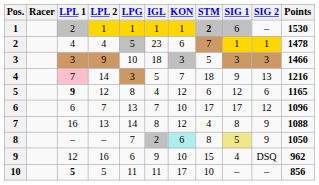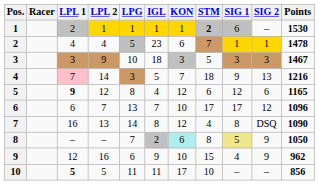 <table class="wikitable sortable plainrowheaders" style="text-align:center;">
 <tr>
 <th scope="col">Pos.</th>
 <th scope="col">Racer</th>
 <th scope="col"> <a href='#'>LPL</a> 1</th>
 <th scope="col"> <a href='#'>LPL</a> 2</th>
 <th scope="col"> <a href='#'>LPG</a></th>
 <th scope="col"> <a href='#'>IGL</a></th>
 <th scope="col"> <a href='#'>KON</a></th>
 <th scope="col"> <a href='#'>STM</a></th>
 <th scope="col"> <a href='#'>SIG 1</a></th>
 <th scope="col"> <a href='#'>SIG 2</a></th>
 <th style="width:45px;">Points</th>
 </tr>
 <tr>
 <th style="text-align:center;">1</th>
 <td align="left"></td>
 <td style="background:silver;">2</td>
 <td style="background:gold;">1</td>
 <td style="background:gold;">1</td>
 <td style="background:gold;">1</td>
 <td style="background:gold;">1</td>
 <td style="background:silver;"><strong>2</strong></td>
 <td style="background:silver;">6</td>
 <td>–</td>
 <td><strong>1530</strong></td>
 </tr>
 <tr>
 <th style="text-align:center;">2</th>
 <td align="left"></td>
 <td>4</td>
 <td>4</td>
 <td style="background:silver;">5</td>
 <td>23</td>
 <td>6</td>
 <td style="background:#c96;">7</td>
 <td style="background:gold;">1</td>
 <td style="background:gold;">1</td>
 <td><strong>1478</strong></td>
 </tr>
 <tr>
 <th style="text-align:center;">3</th>
 <td align="left"></td>
 <td style="background:#c96;">3</td>
 <td style="background:#c96;">9</td>
 <td>10</td>
 <td>18</td>
 <td style="background:silver;">3</td>
 <td>5</td>
 <td style="background:#c96;">3</td>
 <td style="background:#c96;">3</td>
-<td><strong>1466</strong></td>
+<td><strong>1467</strong></td>
 </tr>
 <tr>
 <th style="text-align:center;">4</th>
 <td align="left"></td>
 <td style="background: pink;">7</td>
 <td>14</td>
 <td style="background:#c96;">3</td>
 <td>5</td>
 <td>7</td>
 <td>18</td>
 <td>9</td>
 <td>13</td>
 <td><strong>1216</strong></td>
 </tr>
 <tr>
 <th style="text-align:center;">5</th>
 <td align="left"></td>
 <td><strong>9</strong></td>
 <td>12</td>
 <td>8</td>
 <td>4</td>
 <td>12</td>
 <td>6</td>
 <td>12</td>
 <td>6</td>
 <td><strong>1165</strong></td>
 </tr>
 <tr>
 <th style="text-align:center;">6</th>
 <td align="left"></td>
 <td>6</td>
 <td>7</td>
 <td>13</td>
 <td>7</td>
 <td>10</td>
 <td>17</td>
 <td>17</td>
 <td>12</td>
 <td><strong>1096</strong></td>
 </tr>
 <tr>
 <th style="text-align:center;">7</th>
 <td align="left"></td>
 <td>16</td>
 <td>13</td>
 <td>14</td>
 <td>8</td>
 <td>12</td>
 <td>4</td>
 <td>8</td>
-<td>9</td>
-<td><strong>1088</strong></td>
+<td>DSQ</td>
+<td><strong>1090</strong></td>
 </tr>
 <tr>
 <th style="text-align:center;">8</th>
 <td align="left"></td>
 <td>–</td>
 <td>–</td>
 <td>7</td>
 <td style="background:silver;">2</td>
 <td style="background: paleturquoise;">6</td>
 <td>8</td>
 <td style="background: khaki;">5</td>
 <td>9</td>
 <td><strong>1050</strong></td>
 </tr>
 <tr>
 <th style="text-align:center;">9</th>
 <td align="left"></td>
 <td>12</td>
 <td>16</td>
 <td>6</td>
 <td>9</td>
 <td>10</td>
 <td>15</td>
 <td>4</td>
-<td>DSQ</td>
+<td>9</td>
 <td><strong>962</strong></td>
 </tr>
 <tr>
 <th style="text-align:center;">10</th>
 <td align="left"></td>
 <td><strong>5</strong></td>
 <td>5</td>
 <td>11</td>
 <td>11</td>
 <td>17</td>
 <td>10</td>
 <td>–</td>
 <td>–</td>
 <td><strong>856</strong></td>
 </tr>
 </table>
